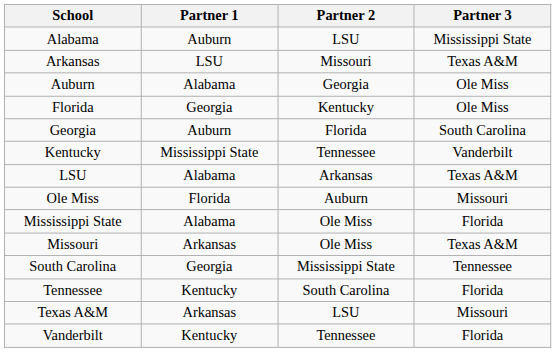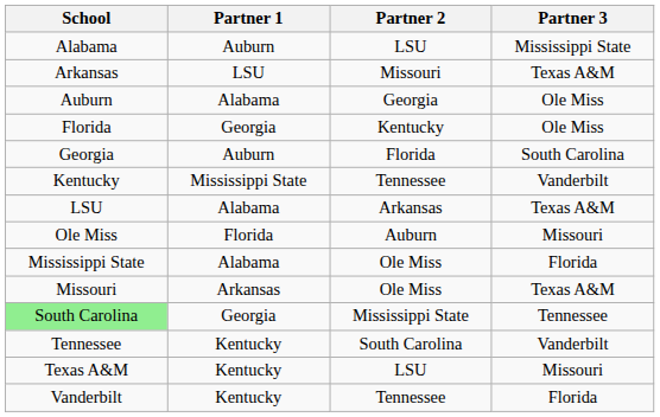 <table class="wikitable sortable" style="text-align: center">
 <tr>
 <th style="width:200px;">School</th>
 <th style="width:200px;">Partner 1</th>
 <th style="width:200px;">Partner 2</th>
 <th style="width:200px;">Partner 3</th>
 </tr>
 <tr>
 <td>Alabama</td>
 <td>Auburn</td>
 <td>LSU</td>
 <td>Mississippi State</td>
 </tr>
 <tr>
 <td>Arkansas</td>
 <td>LSU</td>
 <td>Missouri</td>
 <td>Texas A&M</td>
 </tr>
 <tr>
 <td>Auburn</td>
 <td>Alabama</td>
 <td>Georgia</td>
 <td>Ole Miss</td>
 </tr>
 <tr>
 <td>Florida</td>
 <td>Georgia</td>
 <td>Kentucky</td>
 <td>Ole Miss</td>
 </tr>
 <tr>
 <td>Georgia</td>
 <td>Auburn</td>
 <td>Florida</td>
 <td>South Carolina</td>
 </tr>
 <tr>
 <td>Kentucky</td>
 <td>Mississippi State</td>
 <td>Tennessee</td>
 <td>Vanderbilt</td>
 </tr>
 <tr>
 <td>LSU</td>
 <td>Alabama</td>
 <td>Arkansas</td>
 <td>Texas A&M</td>
 </tr>
 <tr>
 <td>Ole Miss</td>
 <td>Florida</td>
 <td>Auburn</td>
 <td>Missouri</td>
 </tr>
 <tr>
 <td>Mississippi State</td>
 <td>Alabama</td>
 <td>Ole Miss</td>
 <td>Florida</td>
 </tr>
 <tr>
 <td>Missouri</td>
 <td>Arkansas</td>
 <td>Ole Miss</td>
 <td>Texas A&M</td>
 </tr>
 <tr>
-<td>South Carolina</td>
+<td style="background: lightgreen;">South Carolina</td>
 <td>Georgia</td>
 <td>Mississippi State</td>
 <td>Tennessee</td>
 </tr>
 <tr>
 <td>Tennessee</td>
 <td>Kentucky</td>
 <td>South Carolina</td>
-<td>Florida</td>
+<td>Vanderbilt</td>
 </tr>
 <tr>
 <td>Texas A&M</td>
-<td>Arkansas</td>
+<td>Kentucky</td>
 <td>LSU</td>
 <td>Missouri</td>
 </tr>
 <tr>
 <td>Vanderbilt</td>
 <td>Kentucky</td>
 <td>Tennessee</td>
 <td>Florida</td>
 </tr>
 </table>
